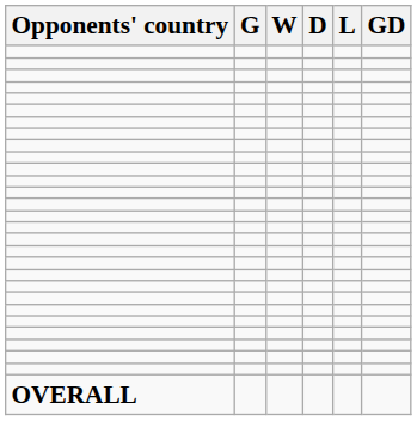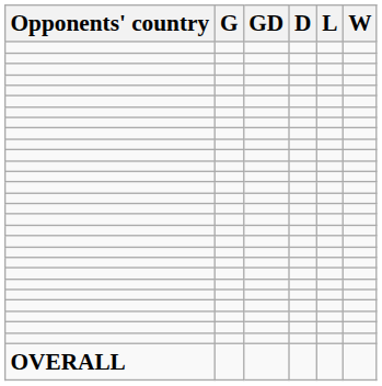 <table class="wikitable">
 <tr>
 <th>Opponents' country</th>
 <th>G</th>
-<th>W</th>
+<th>GD</th>
 <th>D</th>
 <th>L</th>
-<th>GD</th>
+<th>W</th>
 </tr>
 <tr>
 <td align=left></td>
 <td></td>
 <td></td>
 <td></td>
 <td></td>
 <td></td>
 </tr>
 <tr>
 <td align=left></td>
 <td></td>
 <td></td>
 <td></td>
 <td></td>
 <td></td>
 </tr>
 <tr>
 <td align=left></td>
 <td></td>
 <td></td>
 <td></td>
 <td></td>
 <td></td>
 </tr>
 <tr>
 <td align=left></td>
 <td></td>
 <td></td>
 <td></td>
 <td></td>
 <td></td>
 </tr>
 <tr>
 <td align=left></td>
 <td></td>
 <td></td>
 <td></td>
 <td></td>
 <td></td>
 </tr>
 <tr>
 <td align=left></td>
 <td></td>
 <td></td>
 <td></td>
 <td></td>
 <td></td>
 </tr>
 <tr>
 <td align=left></td>
 <td></td>
 <td></td>
 <td></td>
 <td></td>
 <td></td>
 </tr>
 <tr>
 <td align=left></td>
 <td></td>
 <td></td>
 <td></td>
 <td></td>
 <td></td>
 </tr>
 <tr>
 <td align=left></td>
 <td></td>
 <td></td>
 <td></td>
 <td></td>
 <td></td>
 </tr>
 <tr>
 <td align=left></td>
 <td></td>
 <td></td>
 <td></td>
 <td></td>
 <td></td>
 </tr>
 <tr>
 <td align=left></td>
 <td></td>
 <td></td>
 <td></td>
 <td></td>
 <td></td>
 </tr>
 <tr>
 <td align=left></td>
 <td></td>
 <td></td>
 <td></td>
 <td></td>
 <td></td>
 </tr>
 <tr>
 <td align=left></td>
 <td></td>
 <td></td>
 <td></td>
 <td></td>
 <td></td>
 </tr>
 <tr>
 <td align=left></td>
 <td></td>
 <td></td>
 <td></td>
 <td></td>
 <td></td>
 </tr>
 <tr>
 <td align=left></td>
 <td></td>
 <td></td>
 <td></td>
 <td></td>
 <td></td>
 </tr>
 <tr>
 <td align=left></td>
 <td></td>
 <td></td>
 <td></td>
 <td></td>
 <td></td>
 </tr>
 <tr>
 <td align=left></td>
 <td></td>
 <td></td>
 <td></td>
 <td></td>
 <td></td>
 </tr>
 <tr>
 <td align=left></td>
 <td></td>
 <td></td>
 <td></td>
 <td></td>
 <td></td>
 </tr>
 <tr>
 <td align=left></td>
 <td></td>
 <td></td>
 <td></td>
 <td></td>
 <td></td>
 </tr>
 <tr>
 <td align=left></td>
 <td></td>
 <td></td>
 <td></td>
 <td></td>
 <td></td>
 </tr>
 <tr>
 <td align=left></td>
 <td></td>
 <td></td>
 <td></td>
 <td></td>
 <td></td>
 </tr>
 <tr>
 <td align=left></td>
 <td></td>
 <td></td>
 <td></td>
 <td></td>
 <td></td>
 </tr>
 <tr>
 <td align=left></td>
 <td></td>
 <td></td>
 <td></td>
 <td></td>
 <td></td>
 </tr>
 <tr>
 <td align=left></td>
 <td></td>
 <td></td>
 <td></td>
 <td></td>
 <td></td>
 </tr>
 <tr>
 <td align=left></td>
 <td></td>
 <td></td>
 <td></td>
 <td></td>
 <td></td>
 </tr>
 <tr>
 <td align=left></td>
 <td></td>
 <td></td>
 <td></td>
 <td></td>
 <td></td>
 </tr>
 <tr>
 <td align=left></td>
 <td></td>
 <td></td>
 <td></td>
 <td></td>
 <td></td>
 </tr>
 <tr>
 <td align=left></td>
 <td></td>
 <td></td>
 <td></td>
 <td></td>
 <td></td>
 </tr>
 <tr>
 <td align=left><strong>OVERALL</strong></td>
 <td></td>
 <td></td>
 <td></td>
 <td></td>
 <td></td>
 </tr>
 </table>
